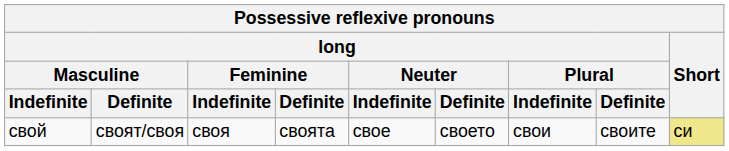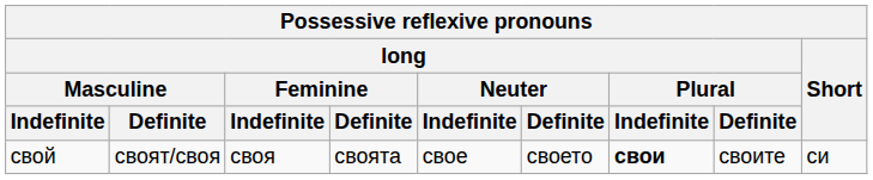 <table class="wikitable">
 <tr>
 <th colspan="9">Possessive reflexive pronouns</th>
 </tr>
 <tr>
 <th colspan="8">long</th>
 <th rowspan="3">Short</th>
 </tr>
 <tr>
 <th colspan="2">Masculine</th>
 <th colspan="2">Feminine</th>
 <th colspan="2">Neuter</th>
 <th colspan="2">Plural</th>
 </tr>
 <tr>
 <th>Indefinite</th>
 <th>Definite</th>
 <th>Indefinite</th>
 <th>Definite</th>
 <th>Indefinite</th>
 <th>Definite</th>
 <th>Indefinite</th>
 <th>Definite</th>
 </tr>
 <tr>
 <td>свой</td>
 <td>своят/своя</td>
 <td>своя</td>
 <td>своята</td>
 <td>свое</td>
 <td>своето</td>
-<td>свои</td>
+<td><strong>свои</strong></td>
 <td>своите</td>
-<td style="background: khaki;">си</td>
+<td>си</td>
 </tr>
 </table>
